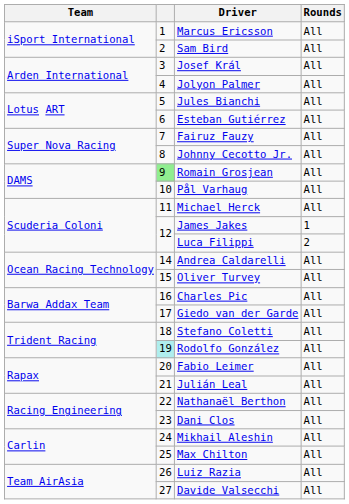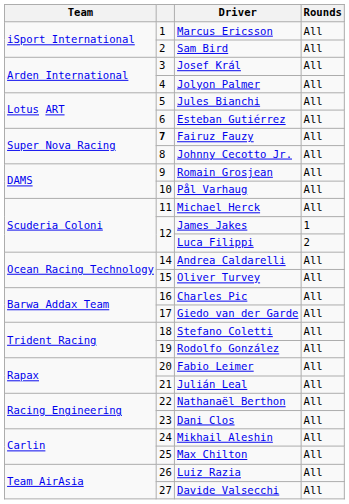 <table class="wikitable" style="font-size: 85%">
 <tr>
 <th>Team</th>
 <th></th>
 <th>Driver</th>
 <th>Rounds</th>
 </tr>
 <tr>
 <td rowspan=2> <a href='#'>iSport International</a></td>
 <td>1</td>
 <td> <a href='#'>Marcus Ericsson</a></td>
 <td>All</td>
 </tr>
 <tr>
 <td>2</td>
 <td> <a href='#'>Sam Bird</a></td>
 <td>All</td>
 </tr>
 <tr>
 <td rowspan=2> <a href='#'>Arden International</a></td>
 <td>3</td>
 <td> <a href='#'>Josef Král</a></td>
 <td>All</td>
 </tr>
 <tr>
 <td>4</td>
 <td> <a href='#'>Jolyon Palmer</a></td>
 <td>All</td>
 </tr>
 <tr>
 <td rowspan=2> <a href='#'>Lotus</a> <a href='#'>ART</a></td>
 <td>5</td>
 <td> <a href='#'>Jules Bianchi</a></td>
 <td>All</td>
 </tr>
 <tr>
 <td>6</td>
 <td> <a href='#'>Esteban Gutiérrez</a></td>
 <td>All</td>
 </tr>
 <tr>
 <td rowspan=2> <a href='#'>Super Nova Racing</a></td>
-<td>7</td>
+<td><strong>7</strong></td>
 <td> <a href='#'>Fairuz Fauzy</a></td>
 <td>All</td>
 </tr>
 <tr>
 <td>8</td>
 <td> <a href='#'>Johnny Cecotto Jr.</a></td>
 <td>All</td>
 </tr>
 <tr>
 <td rowspan=2> <a href='#'>DAMS</a></td>
-<td style="background: lightgreen;">9</td>
+<td>9</td>
 <td> <a href='#'>Romain Grosjean</a></td>
 <td>All</td>
 </tr>
 <tr>
 <td>10</td>
 <td> <a href='#'>Pål Varhaug</a></td>
 <td>All</td>
 </tr>
 <tr>
 <td rowspan=3> <a href='#'>Scuderia Coloni</a></td>
 <td>11</td>
 <td> <a href='#'>Michael Herck</a></td>
 <td>All</td>
 </tr>
 <tr>
 <td rowspan=2>12</td>
 <td> <a href='#'>James Jakes</a></td>
 <td>1</td>
 </tr>
 <tr>
 <td> <a href='#'>Luca Filippi</a></td>
 <td>2</td>
 </tr>
 <tr>
 <td rowspan=2 nowrap> <a href='#'>Ocean Racing Technology</a></td>
 <td>14</td>
 <td> <a href='#'>Andrea Caldarelli</a></td>
 <td>All</td>
 </tr>
 <tr>
 <td>15</td>
 <td> <a href='#'>Oliver Turvey</a></td>
 <td>All</td>
 </tr>
 <tr>
 <td rowspan=2> <a href='#'>Barwa Addax Team</a></td>
 <td>16</td>
 <td> <a href='#'>Charles Pic</a></td>
 <td>All</td>
 </tr>
 <tr>
 <td>17</td>
 <td nowrap> <a href='#'>Giedo van der Garde</a></td>
 <td>All</td>
 </tr>
 <tr>
 <td rowspan=2> <a href='#'>Trident Racing</a></td>
 <td>18</td>
 <td> <a href='#'>Stefano Coletti</a></td>
 <td>All</td>
 </tr>
 <tr>
-<td style="background: paleturquoise;">19</td>
+<td>19</td>
 <td> <a href='#'>Rodolfo González</a></td>
 <td>All</td>
 </tr>
 <tr>
 <td rowspan=2> <a href='#'>Rapax</a></td>
 <td>20</td>
 <td> <a href='#'>Fabio Leimer</a></td>
 <td>All</td>
 </tr>
 <tr>
 <td>21</td>
 <td> <a href='#'>Julián Leal</a></td>
 <td>All</td>
 </tr>
 <tr>
 <td rowspan=2> <a href='#'>Racing Engineering</a></td>
 <td>22</td>
 <td> <a href='#'>Nathanaël Berthon</a></td>
 <td>All</td>
 </tr>
 <tr>
 <td>23</td>
 <td> <a href='#'>Dani Clos</a></td>
 <td>All</td>
 </tr>
 <tr>
 <td rowspan=2> <a href='#'>Carlin</a></td>
 <td>24</td>
 <td> <a href='#'>Mikhail Aleshin</a></td>
 <td>All</td>
 </tr>
 <tr>
 <td>25</td>
 <td> <a href='#'>Max Chilton</a></td>
 <td>All</td>
 </tr>
 <tr>
 <td rowspan=2> <a href='#'>Team AirAsia</a></td>
 <td>26</td>
 <td> <a href='#'>Luiz Razia</a></td>
 <td>All</td>
 </tr>
 <tr>
 <td>27</td>
 <td> <a href='#'>Davide Valsecchi</a></td>
 <td>All</td>
 </tr>
 </table>
